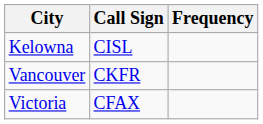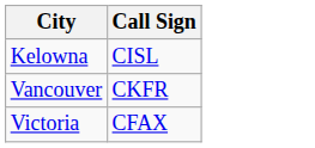 <table class="wikitable">
 <tr>
 <th scope="col">City</th>
 <th scope="col">Call Sign</th>
-<th scope="col">Frequency</th>
 </tr>
 <tr>
 <td><a href='#'>Kelowna</a></td>
 <td><a href='#'>CISL</a></td>
-<td></td>
 </tr>
 <tr>
 <td><a href='#'>Vancouver</a></td>
 <td><a href='#'>CKFR</a></td>
-<td></td>
 </tr>
 <tr>
 <td><a href='#'>Victoria</a></td>
 <td><a href='#'>CFAX</a></td>
-<td></td>
 </tr>
 </table>
